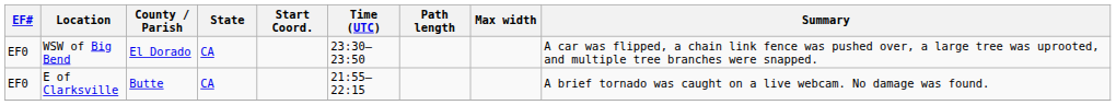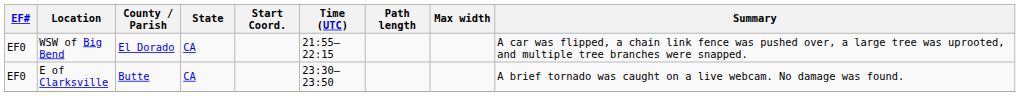 <table class="wikitable sortable" style="width:100%;">
 <tr>
 <th scope="col"  style="width:3%; text-align:center;"><a href='#'>EF#</a></th>
 <th scope="col"  style="width:7%; text-align:center;" class="unsortable">Location</th>
 <th scope="col"  style="width:6%; text-align:center;" class="unsortable">County / Parish</th>
 <th scope="col"  style="width:5%; text-align:center;">State</th>
 <th scope="col"  style="width:6%; text-align:center;">Start Coord.</th>
 <th scope="col"  style="width:6%; text-align:center;">Time (<a href='#'>UTC</a>)</th>
 <th scope="col"  style="width:6%; text-align:center;">Path length</th>
 <th scope="col"  style="width:6%; text-align:center;">Max width</th>
 <th scope="col" class="unsortable" style="width:48%; text-align:center;">Summary</th>
 </tr>
 <tr>
 <td>EF0</td>
 <td>WSW of <a href='#'>Big Bend</a></td>
 <td><a href='#'>El Dorado</a></td>
 <td><a href='#'>CA</a></td>
 <td></td>
-<td>23:30–23:50</td>
+<td>21:55–22:15</td>
 <td></td>
 <td></td>
 <td>A car was flipped, a chain link fence was pushed over, a large tree was uprooted, and multiple tree branches were snapped.</td>
 </tr>
 <tr>
 <td>EF0</td>
 <td>E of <a href='#'>Clarksville</a></td>
 <td><a href='#'>Butte</a></td>
 <td><a href='#'>CA</a></td>
 <td></td>
-<td>21:55–22:15</td>
+<td>23:30–23:50</td>
 <td></td>
 <td></td>
 <td>A brief tornado was caught on a live webcam. No damage was found.</td>
 </tr>
 <tr>
 </tr>
 </table>
